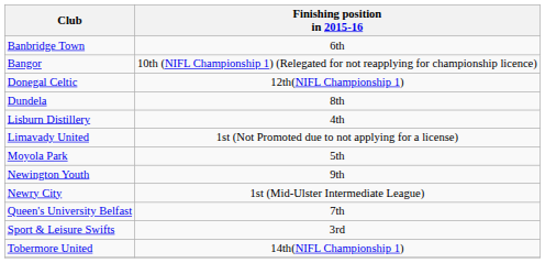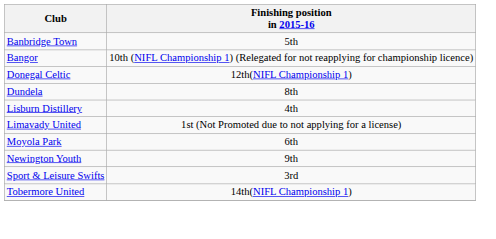 <table class="wikitable sortable" style="text-align:center">
 <tr>
 <th>Club<br></th>
 <th>Finishing position<br>in <a href='#'>2015-16</a></th>
 </tr>
 <tr>
 <td style="text-align:left;"><a href='#'>Banbridge Town</a></td>
-<td>6th</td>
+<td>5th</td>
 </tr>
 <tr>
 <td style="text-align:left;"><a href='#'>Bangor</a></td>
 <td>10th (<a href='#'>NIFL Championship 1</a>) (Relegated for not reapplying for championship licence)</td>
 </tr>
 <tr>
 <td style="text-align:left;"><a href='#'>Donegal Celtic</a></td>
 <td>12th(<a href='#'>NIFL Championship 1</a>)</td>
 </tr>
 <tr>
 <td style="text-align:left;"><a href='#'>Dundela</a></td>
 <td>8th</td>
 </tr>
 <tr>
 <td style="text-align:left;"><a href='#'>Lisburn Distillery</a></td>
 <td>4th</td>
 </tr>
 <tr>
 <td style="text-align:left;"><a href='#'>Limavady United</a></td>
 <td>1st (Not Promoted due to not applying for a license)</td>
 </tr>
 <tr>
 <td style="text-align:left;"><a href='#'>Moyola Park</a></td>
-<td>5th</td>
+<td>6th</td>
 </tr>
 <tr>
 <td style="text-align:left;"><a href='#'>Newington Youth</a></td>
 <td>9th</td>
-</tr>
-<tr>
-<td style="text-align:left;"><a href='#'>Newry City</a></td>
-<td>1st (Mid-Ulster Intermediate League)</td>
-</tr>
-<tr>
-<td style="text-align:left;"><a href='#'>Queen's University Belfast</a></td>
-<td>7th</td>
 </tr>
 <tr>
 <td style="text-align:left;"><a href='#'>Sport & Leisure Swifts</a></td>
 <td>3rd</td>
 </tr>
 <tr>
 <td style="text-align:left;"><a href='#'>Tobermore United</a></td>
 <td>14th(<a href='#'>NIFL Championship 1</a>)</td>
 </tr>
 <tr>
 </tr>
 </table>
